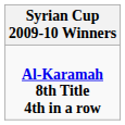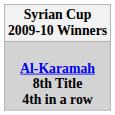 <table class="wikitable" style="text-align: center; margin: 0 auto;">
 <tr>
 <th>Syrian Cup <br>2009-10 Winners</th>
 </tr>
 <tr>
-<td><br><strong><a href='#'>Al-Karamah</a></strong><br><strong>8th Title</strong> <br> <strong>4th in a row</strong></td>
+<td style="background: lightgrey;"><br><strong><a href='#'>Al-Karamah</a></strong><br><strong>8th Title</strong> <br> <strong>4th in a row</strong></td>
 </tr>
 </table>
